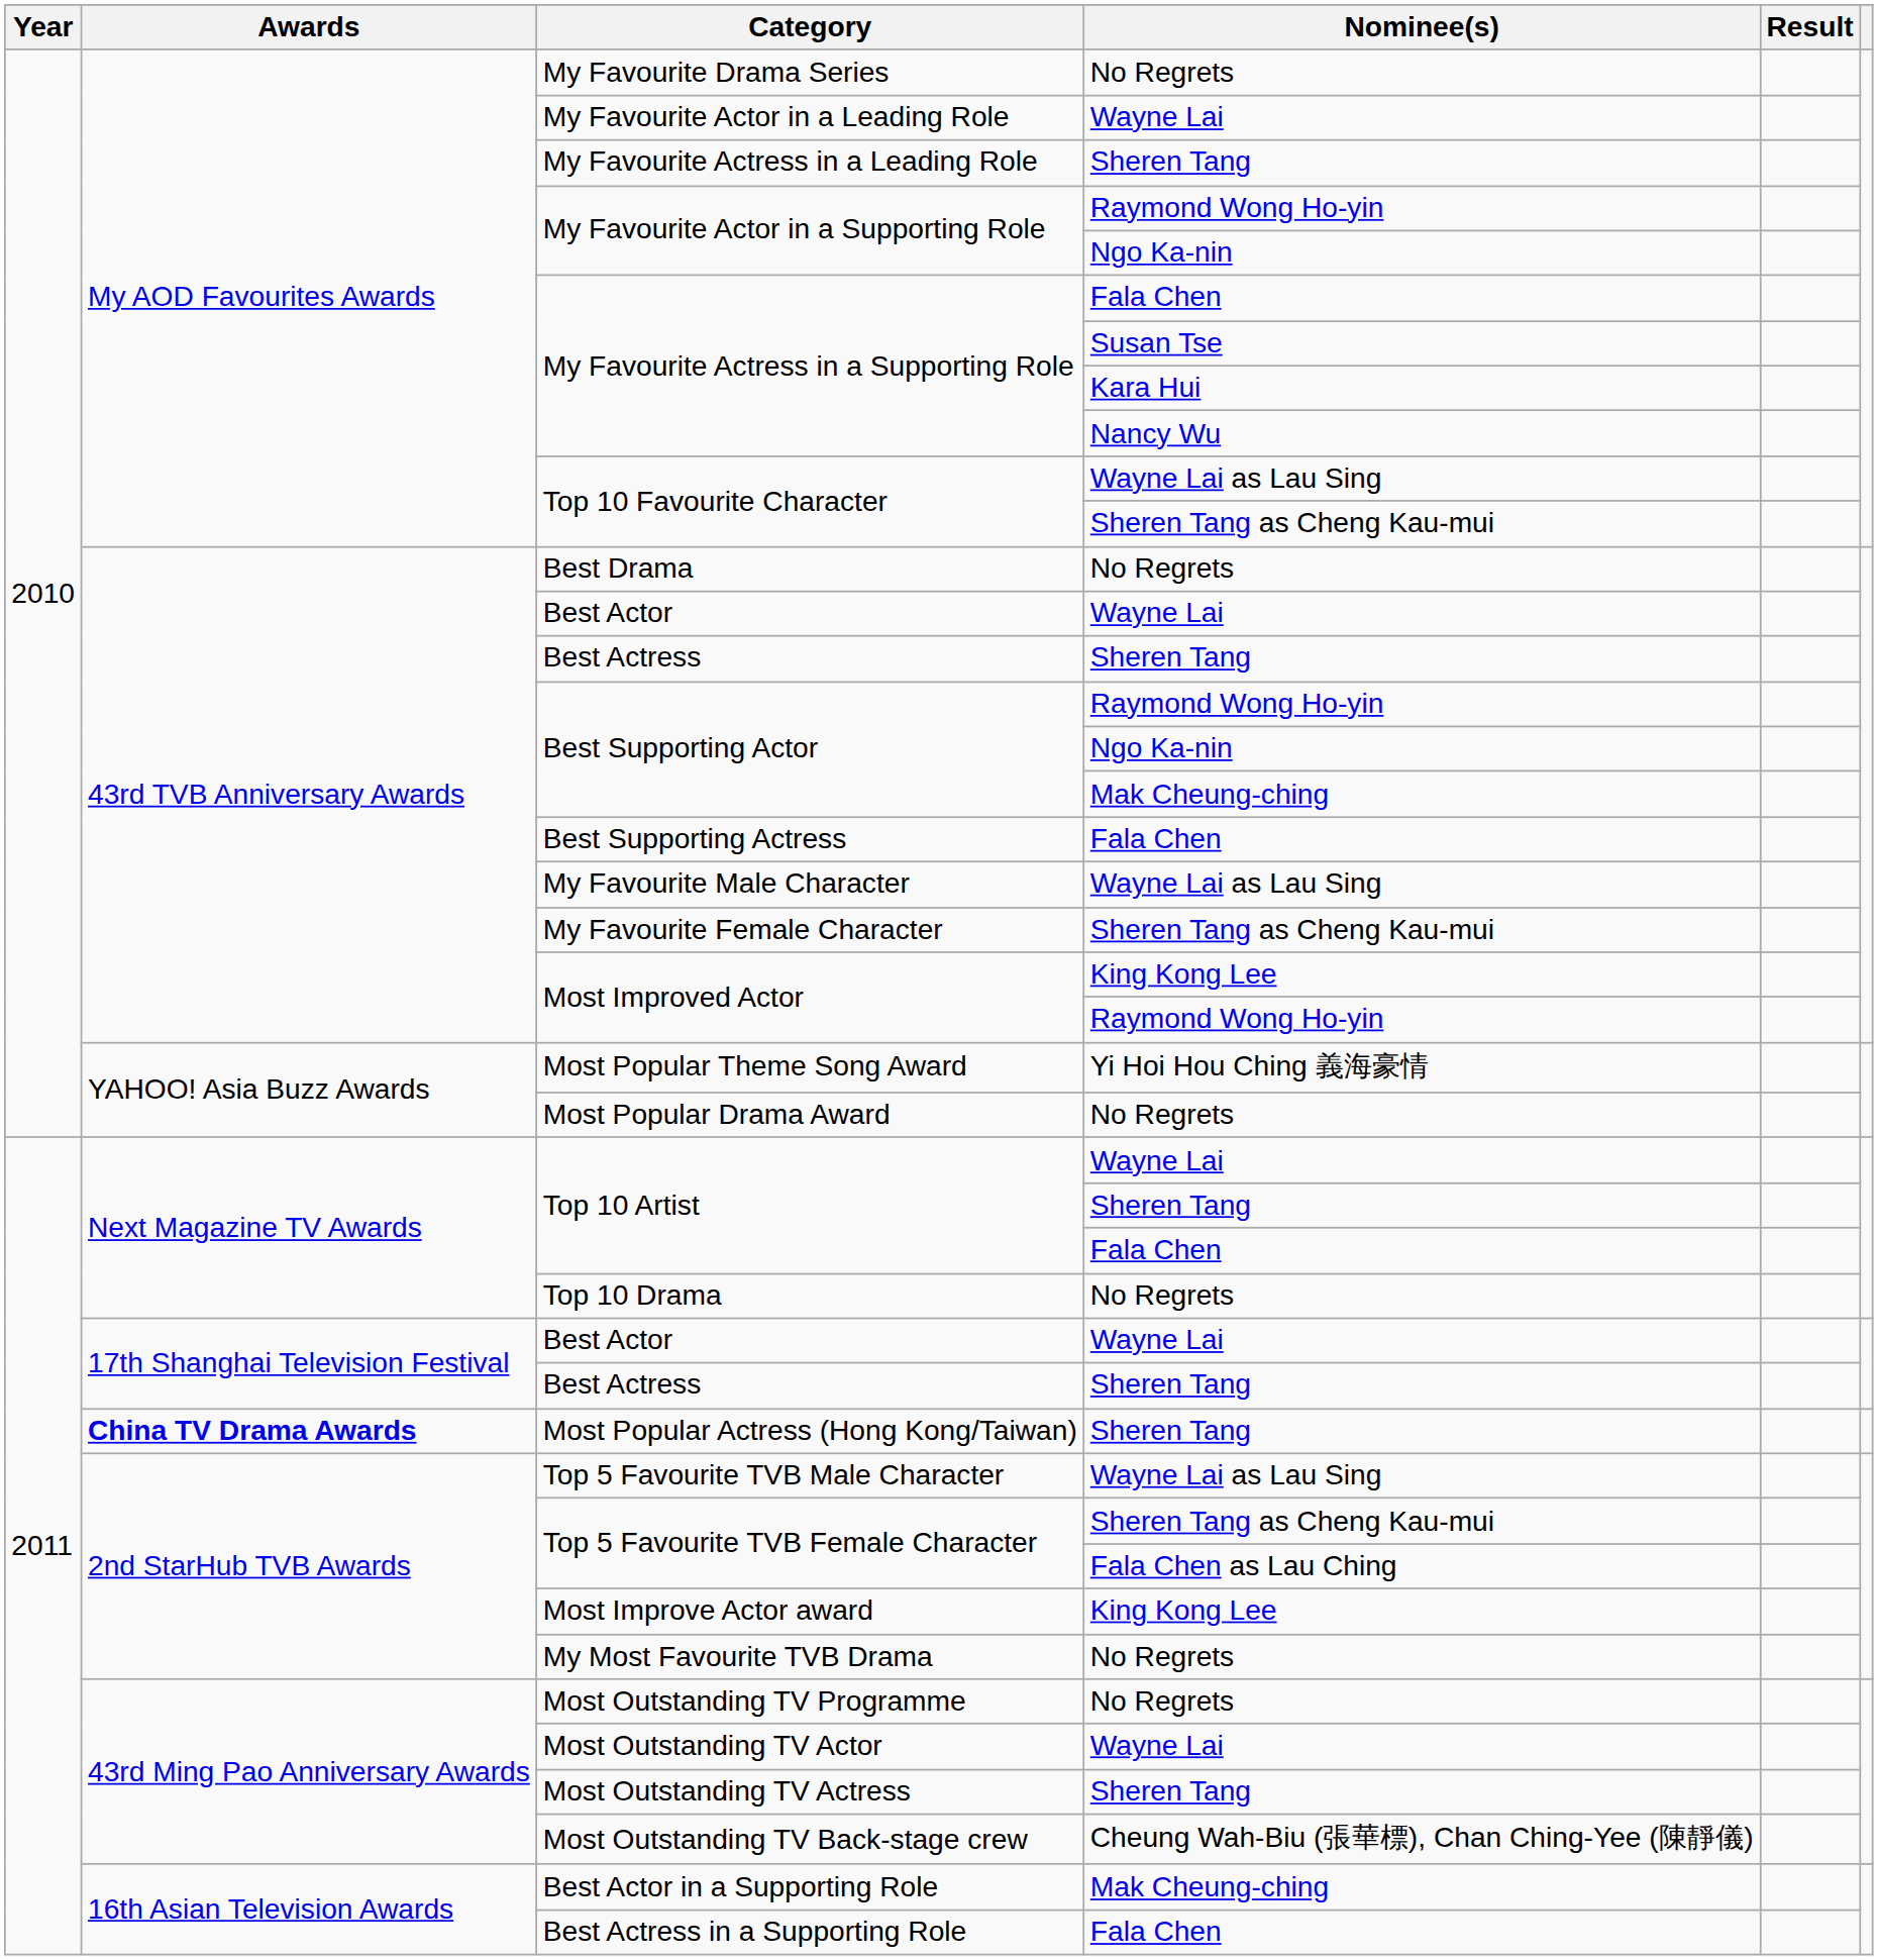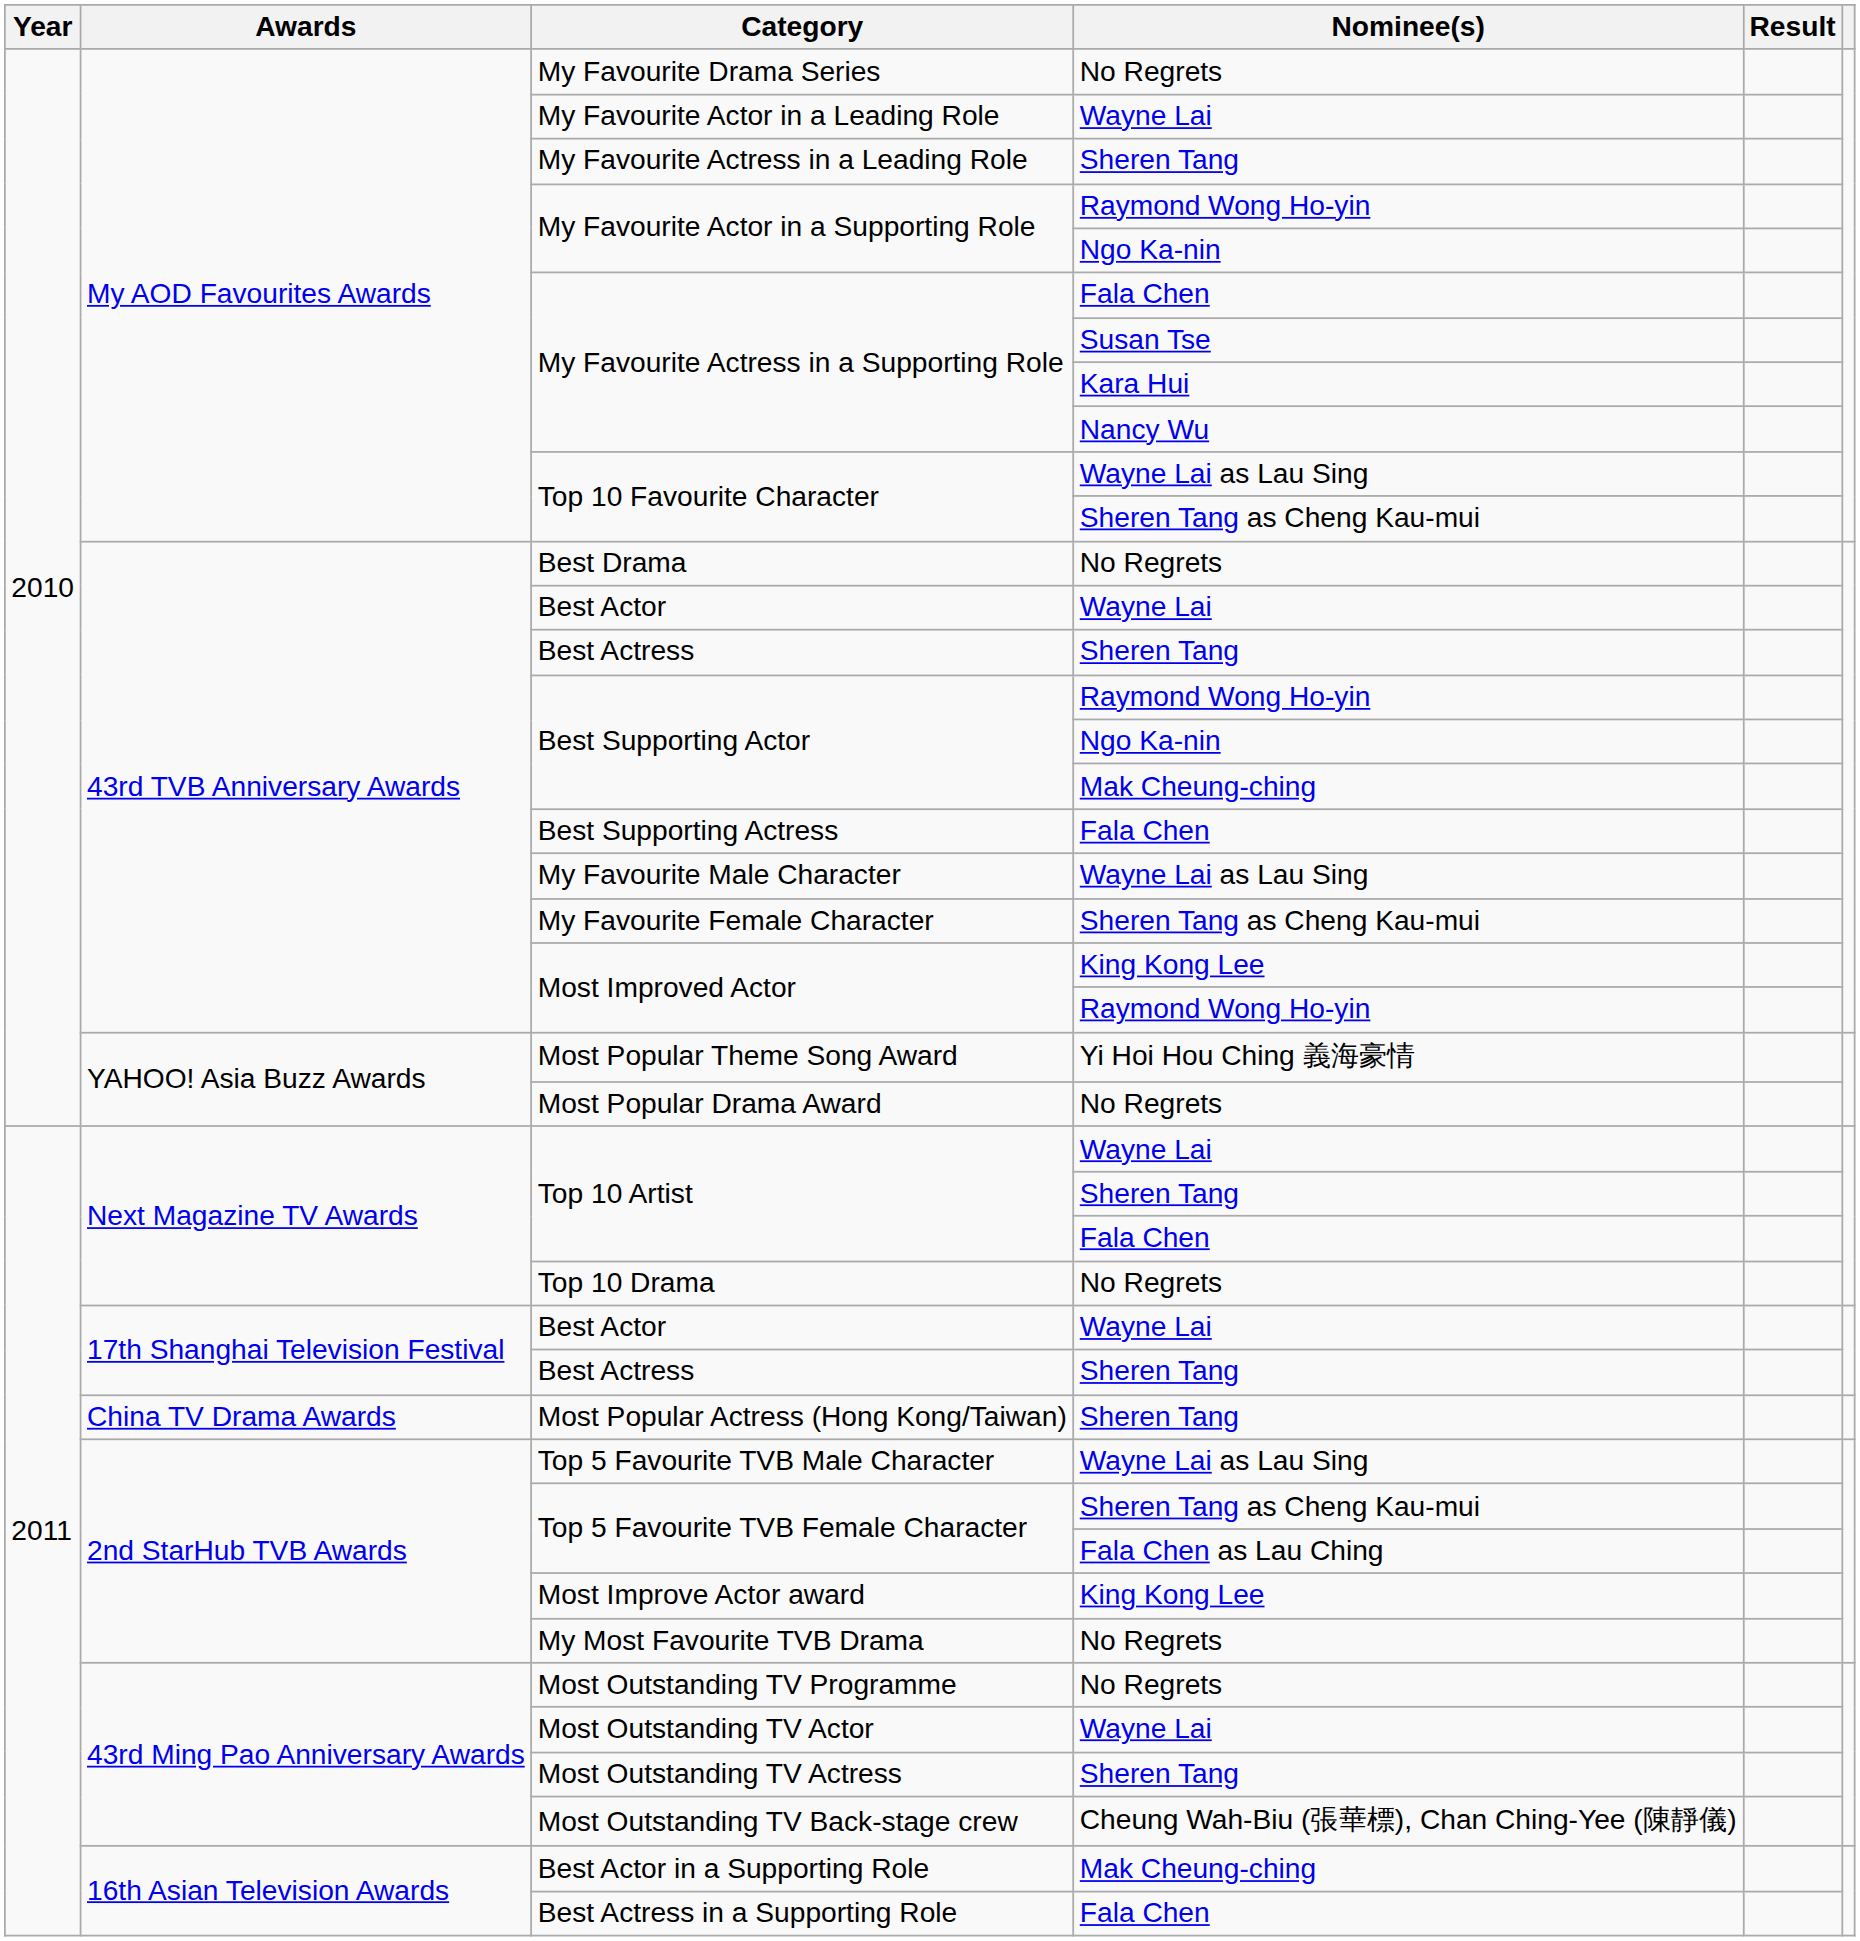 <table class="wikitable sortable plainrowheaders">
 <tr>
 <th>Year</th>
 <th>Awards</th>
 <th>Category</th>
 <th>Nominee(s)</th>
 <th>Result</th>
 <th class="unsortable"></th>
 </tr>
 <tr>
 <td rowspan=24>2010</td>
 <td rowspan=11><a href='#'>My AOD Favourites Awards</a></td>
 <td>My Favourite Drama Series</td>
 <td>No Regrets</td>
 <td></td>
 <td rowspan=11></td>
 </tr>
 <tr>
 <td>My Favourite Actor in a Leading Role</td>
 <td><a href='#'>Wayne Lai</a></td>
 <td></td>
 </tr>
 <tr>
 <td>My Favourite Actress in a Leading Role</td>
 <td><a href='#'>Sheren Tang</a></td>
 <td></td>
 </tr>
 <tr>
 <td rowspan=2>My Favourite Actor in a Supporting Role</td>
 <td><a href='#'>Raymond Wong Ho-yin</a></td>
 <td></td>
 </tr>
 <tr>
 <td><a href='#'>Ngo Ka-nin</a></td>
 <td></td>
 </tr>
 <tr>
 <td rowspan=4>My Favourite Actress in a Supporting Role</td>
 <td><a href='#'>Fala Chen</a></td>
 <td></td>
 </tr>
 <tr>
 <td><a href='#'>Susan Tse</a></td>
 <td></td>
 </tr>
 <tr>
 <td><a href='#'>Kara Hui</a></td>
 <td></td>
 </tr>
 <tr>
 <td><a href='#'>Nancy Wu</a></td>
 <td></td>
 </tr>
 <tr>
 <td rowspan=2>Top 10 Favourite Character</td>
 <td><a href='#'>Wayne Lai</a> as Lau Sing</td>
 <td></td>
 </tr>
 <tr>
 <td><a href='#'>Sheren Tang</a> as Cheng Kau-mui</td>
 <td></td>
 </tr>
 <tr>
 <td rowspan=11><a href='#'>43rd TVB Anniversary Awards</a></td>
 <td>Best Drama</td>
 <td>No Regrets</td>
 <td></td>
 <td rowspan=11><br></td>
 </tr>
 <tr>
 <td>Best Actor</td>
 <td><a href='#'>Wayne Lai</a></td>
 <td></td>
 </tr>
 <tr>
 <td>Best Actress</td>
 <td><a href='#'>Sheren Tang</a></td>
 <td></td>
 </tr>
 <tr>
 <td rowspan=3>Best Supporting Actor</td>
 <td><a href='#'>Raymond Wong Ho-yin</a></td>
 <td></td>
 </tr>
 <tr>
 <td><a href='#'>Ngo Ka-nin</a></td>
 <td></td>
 </tr>
 <tr>
 <td><a href='#'>Mak Cheung-ching</a></td>
 <td></td>
 </tr>
 <tr>
 <td>Best Supporting Actress</td>
 <td><a href='#'>Fala Chen</a></td>
 <td></td>
 </tr>
 <tr>
 <td>My Favourite Male Character</td>
 <td><a href='#'>Wayne Lai</a> as Lau Sing</td>
 <td></td>
 </tr>
 <tr>
 <td>My Favourite Female Character</td>
 <td><a href='#'>Sheren Tang</a> as Cheng Kau-mui</td>
 <td></td>
 </tr>
 <tr>
 <td rowspan=2>Most Improved Actor</td>
 <td><a href='#'>King Kong Lee</a></td>
 <td></td>
 </tr>
 <tr>
 <td><a href='#'>Raymond Wong Ho-yin</a></td>
 <td></td>
 </tr>
 <tr>
 <td rowspan=2>YAHOO! Asia Buzz Awards</td>
 <td>Most Popular Theme Song Award</td>
 <td>Yi Hoi Hou Ching 義海豪情</td>
 <td></td>
 <td rowspan=2></td>
 </tr>
 <tr>
 <td>Most Popular Drama Award</td>
 <td>No Regrets</td>
 <td></td>
 </tr>
 <tr>
 <td rowspan="18">2011</td>
 <td rowspan=4><a href='#'>Next Magazine TV Awards</a></td>
 <td rowspan=3>Top 10 Artist</td>
 <td><a href='#'>Wayne Lai</a></td>
 <td></td>
 <td rowspan=4></td>
 </tr>
 <tr>
 <td><a href='#'>Sheren Tang</a></td>
 <td></td>
 </tr>
 <tr>
 <td><a href='#'>Fala Chen</a></td>
 <td></td>
 </tr>
 <tr>
 <td>Top 10 Drama</td>
 <td>No Regrets</td>
 <td></td>
 </tr>
 <tr>
 <td rowspan=2><a href='#'>17th Shanghai Television Festival</a></td>
 <td>Best Actor</td>
 <td><a href='#'>Wayne Lai</a></td>
 <td></td>
 <td rowspan=2></td>
 </tr>
 <tr>
 <td>Best Actress</td>
 <td><a href='#'>Sheren Tang</a></td>
 <td></td>
 </tr>
 <tr>
-<td><strong><a href='#'>China TV Drama Awards</a></strong></td>
+<td><a href='#'>China TV Drama Awards</a></td>
 <td>Most Popular Actress (Hong Kong/Taiwan)</td>
 <td><a href='#'>Sheren Tang</a></td>
 <td></td>
 <td></td>
 </tr>
 <tr>
 <td rowspan=5><a href='#'>2nd StarHub TVB Awards</a></td>
 <td>Top 5 Favourite TVB Male Character</td>
 <td><a href='#'>Wayne Lai</a> as Lau Sing</td>
 <td></td>
 <td rowspan=5></td>
 </tr>
 <tr>
 <td rowspan=2>Top 5 Favourite TVB Female Character</td>
 <td><a href='#'>Sheren Tang</a> as Cheng Kau-mui</td>
 <td></td>
 </tr>
 <tr>
 <td><a href='#'>Fala Chen</a> as Lau Ching</td>
 <td></td>
 </tr>
 <tr>
 <td>Most Improve Actor award</td>
 <td><a href='#'>King Kong Lee</a></td>
 <td></td>
 </tr>
 <tr>
 <td>My Most Favourite TVB Drama</td>
 <td>No Regrets</td>
 <td></td>
 </tr>
 <tr>
 <td rowspan=4><a href='#'>43rd Ming Pao Anniversary Awards</a></td>
 <td>Most Outstanding TV Programme</td>
 <td>No Regrets</td>
 <td></td>
 <td rowspan=4></td>
 </tr>
 <tr>
 <td>Most Outstanding TV Actor</td>
 <td><a href='#'>Wayne Lai</a></td>
 <td></td>
 </tr>
 <tr>
 <td>Most Outstanding TV Actress</td>
 <td><a href='#'>Sheren Tang</a></td>
 <td></td>
 </tr>
 <tr>
 <td>Most Outstanding TV Back-stage crew</td>
 <td>Cheung Wah-Biu (張華標), Chan Ching-Yee (陳靜儀)</td>
 <td></td>
 </tr>
 <tr>
 <td rowspan=2><a href='#'>16th Asian Television Awards</a></td>
 <td>Best Actor in a Supporting Role</td>
 <td><a href='#'>Mak Cheung-ching</a></td>
 <td></td>
 <td rowspan=2></td>
 </tr>
 <tr>
 <td>Best Actress in a Supporting Role</td>
 <td><a href='#'>Fala Chen</a></td>
 <td></td>
 </tr>
 </table>
